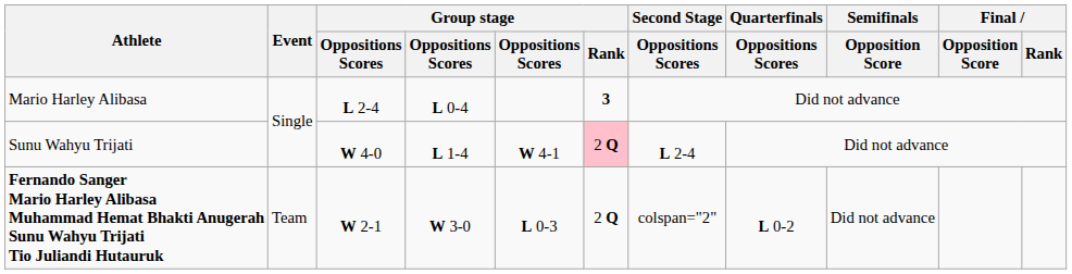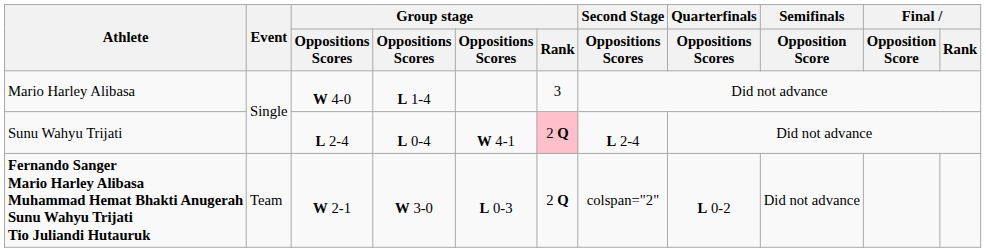 <table class="wikitable" style="font-size:90%; text-align:center">
 <tr>
 <th rowspan=2>Athlete</th>
 <th rowspan=2>Event</th>
 <th colspan=4>Group stage</th>
 <th>Second Stage</th>
 <th>Quarterfinals</th>
 <th>Semifinals</th>
 <th colspan=2>Final / </th>
 </tr>
 <tr>
 <th>Oppositions<br>Scores</th>
 <th>Oppositions<br>Scores</th>
 <th>Oppositions<br>Scores</th>
 <th>Rank</th>
 <th>Oppositions<br>Scores</th>
 <th>Oppositions<br>Scores</th>
 <th>Opposition<br>Score</th>
 <th>Opposition<br>Score</th>
 <th>Rank</th>
 </tr>
 <tr>
 <td align="left">Mario Harley Alibasa</td>
 <td align="left" rowspan="2">Single</td>
-<td><br><strong>L</strong> 2-4</td>
-<td><br><strong>L</strong> 0-4</td>
+<td><br><strong>W</strong> 4-0</td>
+<td><br><strong>L</strong> 1-4</td>
 <td></td>
-<td><strong>3</strong></td>
+<td>3</td>
 <td colspan="5">Did not advance</td>
 </tr>
 <tr>
 <td align="left">Sunu Wahyu Trijati</td>
-<td><br><strong>W</strong> 4-0</td>
-<td><br><strong>L</strong> 1-4</td>
+<td><br><strong>L</strong> 2-4</td>
+<td><br><strong>L</strong> 0-4</td>
 <td><br><strong>W</strong> 4-1</td>
 <td style="background: pink;">2 <strong>Q</strong></td>
 <td><br><strong>L</strong> 2-4</td>
 <td colspan="4">Did not advance</td>
 </tr>
 <tr>
 <td align="left"><strong>Fernando Sanger<br>Mario Harley Alibasa<br>Muhammad Hemat Bhakti Anugerah<br>Sunu Wahyu Trijati<br>Tio Juliandi Hutauruk</strong></td>
 <td align="left">Team</td>
 <td><br><strong>W</strong> 2-1</td>
 <td><br><strong>W</strong> 3-0</td>
 <td><br><strong>L</strong> 0-3</td>
 <td>2 <strong>Q</strong></td>
 <td>colspan="2" </td>
 <td><br><strong>L</strong> 0-2</td>
 <td>Did not advance</td>
 <td></td>
 </tr>
 </table>
